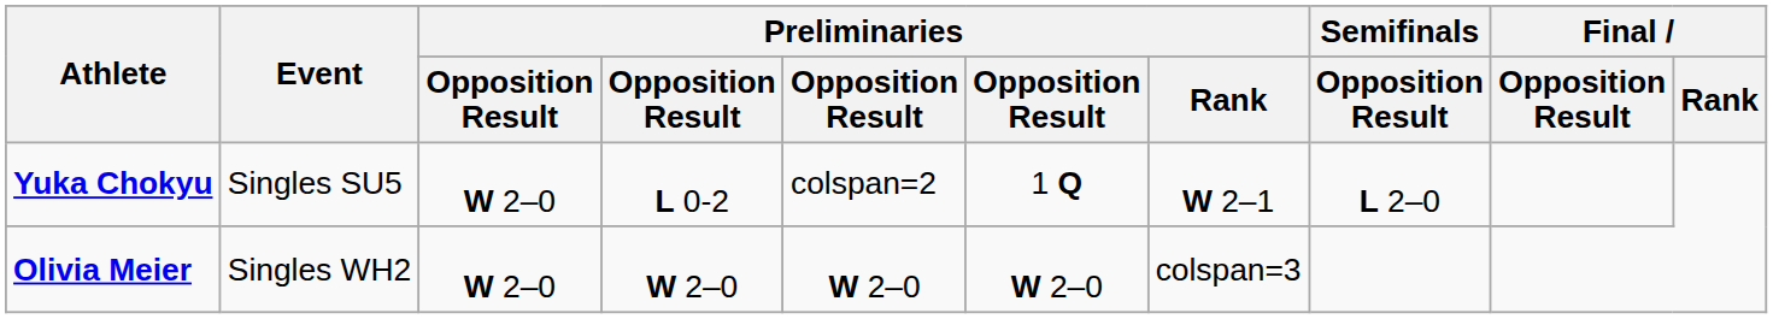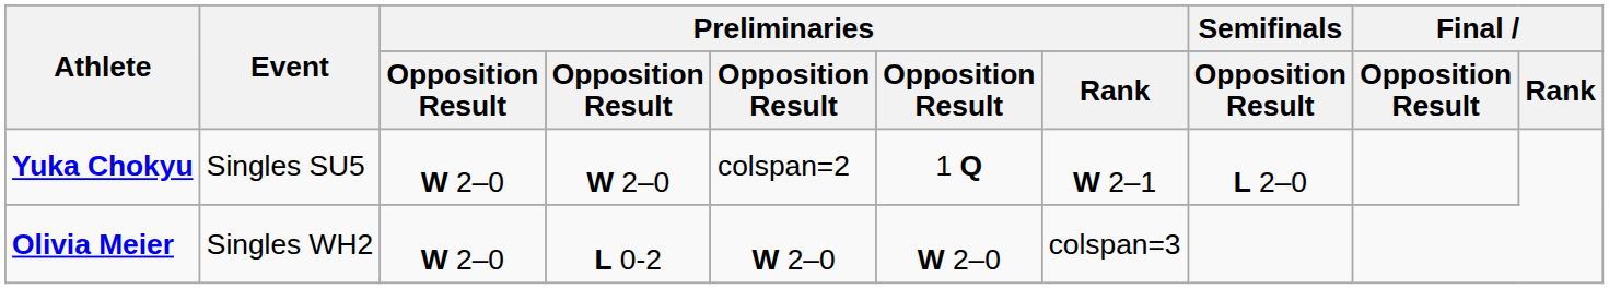 <table class=wikitable style="font-size:90%">
 <tr>
 <th rowspan="2">Athlete</th>
 <th rowspan="2">Event</th>
 <th colspan="5">Preliminaries</th>
 <th>Semifinals</th>
 <th colspan="2">Final / </th>
 </tr>
 <tr>
 <th>Opposition<br>Result</th>
 <th>Opposition<br>Result</th>
 <th>Opposition<br>Result</th>
 <th>Opposition<br>Result</th>
 <th>Rank</th>
 <th>Opposition<br>Result</th>
 <th>Opposition<br>Result</th>
 <th>Rank</th>
 </tr>
 <tr>
 <td><strong><a href='#'>Yuka Chokyu</a></strong></td>
 <td>Singles SU5</td>
 <td align="center"><br><strong>W</strong> 2–0</td>
-<td align="center"><br><strong>L</strong> 0-2</td>
+<td align="center"><br><strong>W</strong> 2–0</td>
 <td>colspan=2 </td>
 <td align="center">1 <strong>Q</strong></td>
 <td align="center"><br><strong>W</strong> 2–1</td>
 <td align="center"><br><strong>L</strong> 2–0</td>
 <td align="center"></td>
 </tr>
 <tr>
 <td><strong><a href='#'>Olivia Meier</a></strong></td>
 <td>Singles WH2</td>
 <td align="center"><br><strong>W</strong> 2–0</td>
-<td align="center"><br><strong>W</strong> 2–0</td>
+<td align="center"><br><strong>L</strong> 0-2</td>
 <td align="center"><br><strong>W</strong> 2–0</td>
 <td align="center"><br><strong>W</strong> 2–0</td>
 <td>colspan=3 </td>
 <td align="center"></td>
 </tr>
 </table>
